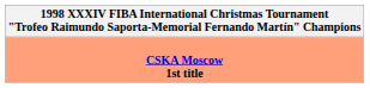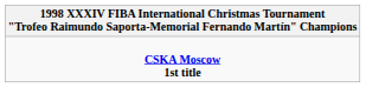 <table class=wikitable style="text-align:center; margin:auto">
 <tr>
 <th>1998 XXXIV FIBA International Christmas Tournament<br>"Trofeo Raimundo Saporta-Memorial Fernando Martín" Champions</th>
 </tr>
 <tr>
-<td style="background: lightsalmon;"><br> <strong><a href='#'>CSKA Moscow</a></strong> <br> <strong>1st title</strong></td>
+<td><br> <strong><a href='#'>CSKA Moscow</a></strong> <br> <strong>1st title</strong></td>
 </tr>
 </table>
